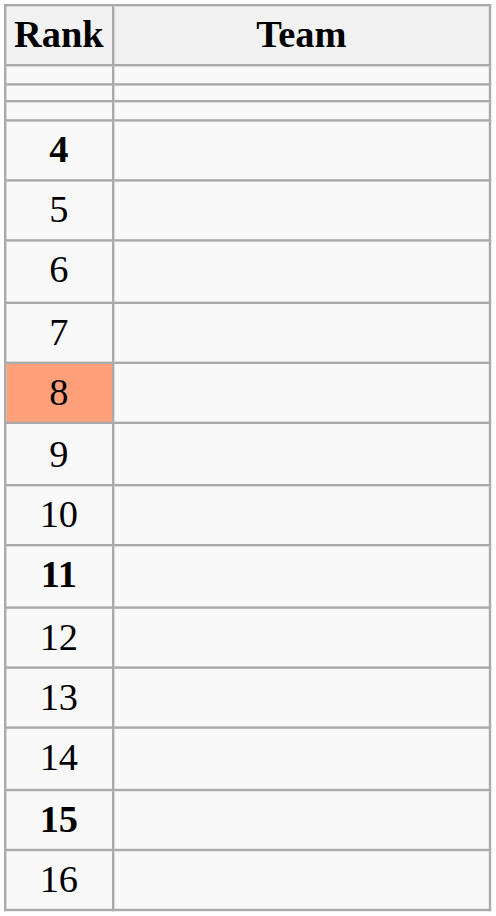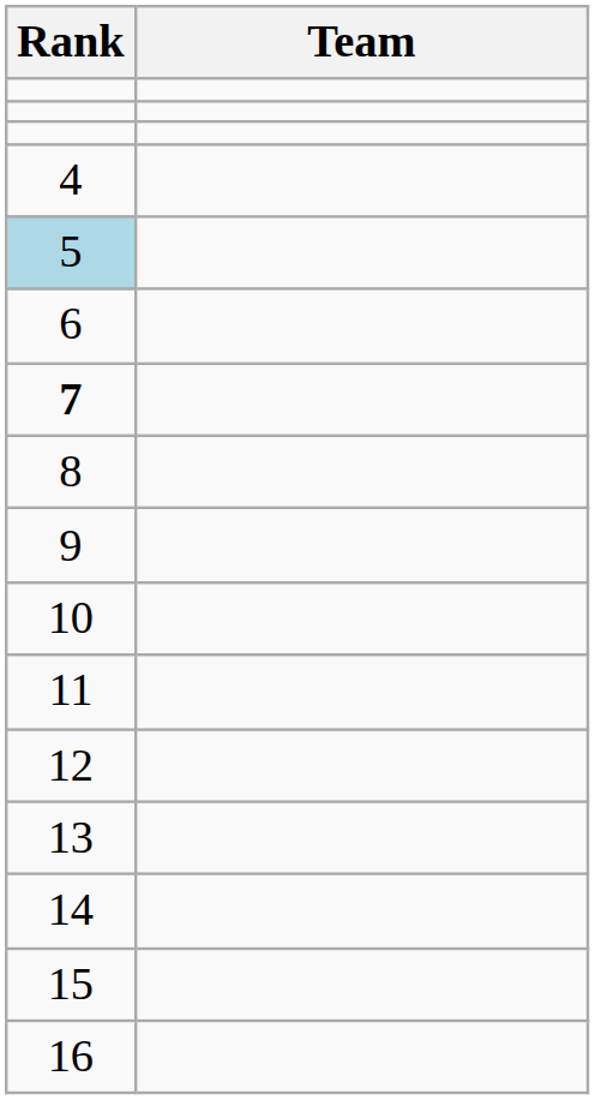 <table class="wikitable">
 <tr>
 <th>Rank</th>
 <th width=150>Team</th>
 </tr>
 <tr>
 <td align=center></td>
 <td></td>
 </tr>
 <tr>
 <td align=center></td>
 <td></td>
 </tr>
 <tr>
 <td align=center></td>
 <td></td>
 </tr>
 <tr>
-<td align=center><strong>4</strong></td>
+<td align=center>4</td>
 <td></td>
 </tr>
 <tr>
-<td align=center>5</td>
+<td align=center style="background: lightblue;">5</td>
 <td></td>
 </tr>
 <tr>
 <td align=center>6</td>
 <td></td>
 </tr>
 <tr>
-<td align=center>7</td>
+<td align=center><strong>7</strong></td>
 <td></td>
 </tr>
 <tr>
-<td align=center style="background: lightsalmon;">8</td>
+<td align=center>8</td>
 <td></td>
 </tr>
 <tr>
 <td align=center>9</td>
 <td></td>
 </tr>
 <tr>
 <td align=center>10</td>
 <td></td>
 </tr>
 <tr>
-<td align=center><strong>11</strong></td>
+<td align=center>11</td>
 <td></td>
 </tr>
 <tr>
 <td align=center>12</td>
 <td></td>
 </tr>
 <tr>
 <td align=center>13</td>
 <td></td>
 </tr>
 <tr>
 <td align=center>14</td>
 <td></td>
 </tr>
 <tr>
-<td align=center><strong>15</strong></td>
+<td align=center>15</td>
 <td></td>
 </tr>
 <tr>
 <td align=center>16</td>
 <td></td>
 </tr>
 </table>
